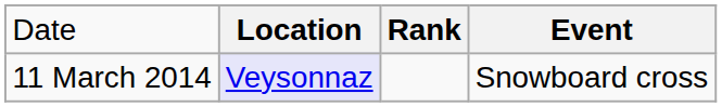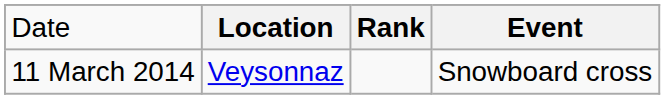 <table class="wikitable sortable" style="font-size:90%" style="text-align:center">
 <tr>
 <td>Date</td>
 <th>Location</th>
 <th>Rank</th>
 <th>Event</th>
 </tr>
 <tr>
 <td>11 March 2014</td>
-<td style="background: lavender;"><a href='#'>Veysonnaz</a></td>
+<td><a href='#'>Veysonnaz</a></td>
 <td></td>
 <td>Snowboard cross</td>
 </tr>
 </table>
